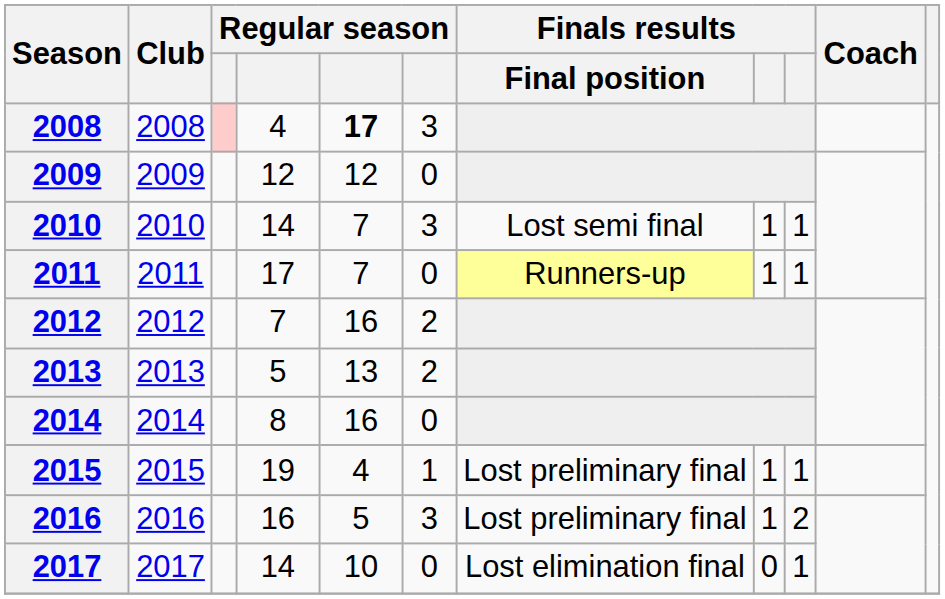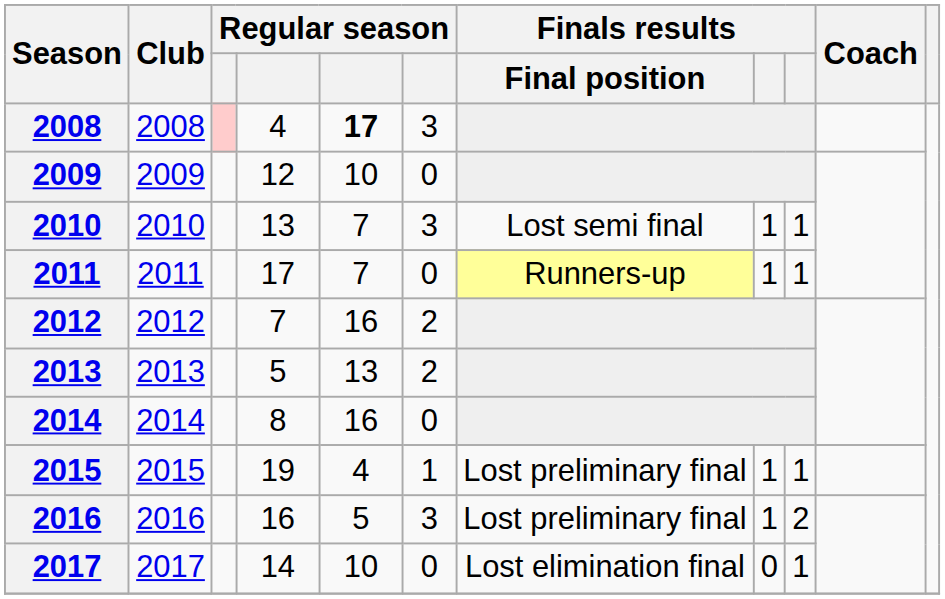 <table class="wikitable sortable plainrowheaders" style="text-align:center;">
 <tr>
 <th scope="col" rowspan=2>Season</th>
 <th scope="col" class="unsortable" rowspan=2>Club</th>
 <th scope="col" colspan="4">Regular season</th>
 <th scope="col" colspan="3">Finals results</th>
 <th scope="col" rowspan=2>Coach</th>
 <th scope="col" class="unsortable" rowspan=2></th>
 </tr>
 <tr>
 <th scope="col"></th>
 <th scope="col"></th>
 <th scope="col"></th>
 <th scope="col"></th>
 <th scope="col">Final position</th>
 <th scope="col"></th>
 <th scope="col"></th>
 </tr>
 <tr>
 <th scope="row" style="text-align:center;"><a href='#'>2008</a></th>
 <td><a href='#'>2008</a></td>
 <td style="background-color:#fcc;"></td>
 <td>4</td>
 <td><strong>17</strong></td>
 <td>3</td>
 <td colspan=3 style="background:#efefef;"></td>
 <td></td>
 <td rowspan=10></td>
 </tr>
 <tr>
 <th scope="row" style="text-align:center;"><a href='#'>2009</a></th>
 <td><a href='#'>2009</a></td>
 <td></td>
 <td>12</td>
-<td>12</td>
+<td>10</td>
 <td>0</td>
 <td colspan=3 style="background:#efefef;"></td>
 <td rowspan=3></td>
 </tr>
 <tr>
 <th scope="row" style="text-align:center;"><a href='#'>2010</a></th>
 <td><a href='#'>2010</a></td>
 <td></td>
-<td>14</td>
+<td>13</td>
 <td>7</td>
 <td>3</td>
 <td>Lost semi final</td>
 <td>1</td>
 <td>1</td>
 </tr>
 <tr>
 <th scope="row" style="text-align:center;"><a href='#'>2011</a></th>
 <td><a href='#'>2011</a></td>
 <td></td>
 <td>17</td>
 <td>7</td>
 <td>0</td>
 <td style="background:#ff9;">Runners-up</td>
 <td>1</td>
 <td>1</td>
 </tr>
 <tr>
 <th scope="row" style="text-align:center;"><a href='#'>2012</a></th>
 <td><a href='#'>2012</a></td>
 <td></td>
 <td>7</td>
 <td>16</td>
 <td>2</td>
 <td colspan=3 style="background:#efefef;"></td>
 <td rowspan=3></td>
 </tr>
 <tr>
 <th scope="row" style="text-align:center;"><a href='#'>2013</a></th>
 <td><a href='#'>2013</a></td>
 <td></td>
 <td>5</td>
 <td>13</td>
 <td>2</td>
 <td colspan=3 style="background:#efefef;"></td>
 </tr>
 <tr>
 <th scope="row" style="text-align:center;"><a href='#'>2014</a></th>
 <td><a href='#'>2014</a></td>
 <td></td>
 <td>8</td>
 <td>16</td>
 <td>0</td>
 <td colspan=3 style="background:#efefef;"></td>
 </tr>
 <tr>
 <th scope="row" style="text-align:center;"><a href='#'>2015</a></th>
 <td><a href='#'>2015</a></td>
 <td></td>
 <td>19</td>
 <td>4</td>
 <td>1</td>
 <td>Lost preliminary final</td>
 <td>1</td>
 <td>1</td>
 <td></td>
 </tr>
 <tr>
 <th scope="row" style="text-align:center;"><a href='#'>2016</a></th>
 <td><a href='#'>2016</a></td>
 <td></td>
 <td>16</td>
 <td>5</td>
 <td>3</td>
 <td>Lost preliminary final</td>
 <td>1</td>
 <td>2</td>
 <td rowspan=2></td>
 </tr>
 <tr>
 <th scope="row" style="text-align:center;"><a href='#'>2017</a></th>
 <td><a href='#'>2017</a></td>
 <td></td>
 <td>14</td>
 <td>10</td>
 <td>0</td>
 <td>Lost elimination final</td>
 <td>0</td>
 <td>1</td>
 </tr>
 <tr>
 </tr>
 </table>
